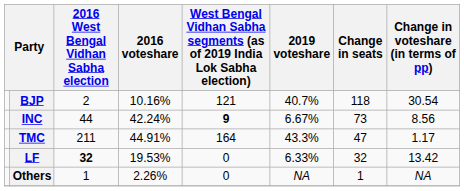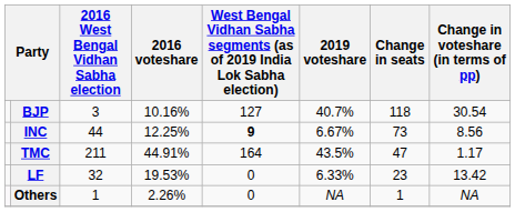 <table class="wikitable" style="text-align:center">
 <tr>
 <th colspan=2>Party</th>
 <th><a href='#'>2016 West Bengal Vidhan Sabha election</a></th>
 <th>2016 voteshare</th>
 <th><a href='#'>West Bengal Vidhan Sabha segments</a> (as of 2019 India Lok Sabha election)</th>
 <th>2019 voteshare</th>
 <th>Change in seats</th>
 <th>Change in voteshare (in terms of <a href='#'>pp</a>)</th>
 </tr>
 <tr>
 <td></td>
 <th><a href='#'>BJP</a></th>
-<td>2</td>
+<td>3</td>
 <td>10.16%</td>
-<td>121</td>
+<td>127</td>
 <td>40.7%</td>
 <td> 118</td>
 <td> 30.54</td>
 </tr>
 <tr>
 <td></td>
 <th><a href='#'>INC</a></th>
 <td>44</td>
-<td>42.24%</td>
+<td>12.25%</td>
 <td><strong>9</strong></td>
 <td>6.67%</td>
 <td> 73</td>
 <td> 8.56</td>
 </tr>
 <tr>
 <td></td>
 <th><a href='#'>TMC</a></th>
 <td>211</td>
 <td>44.91%</td>
 <td>164</td>
-<td>43.3%</td>
+<td>43.5%</td>
 <td> 47</td>
 <td> 1.17</td>
 </tr>
 <tr>
 <td></td>
 <th><a href='#'>LF</a></th>
-<td><strong>32</strong></td>
+<td>32</td>
 <td>19.53%</td>
 <td>0</td>
 <td>6.33%</td>
-<td> 32</td>
+<td> 23</td>
 <td> 13.42</td>
 </tr>
 <tr>
 <td bgcolor=#FAF8FA></td>
 <th>Others</th>
 <td>1</td>
 <td>2.26%</td>
 <td>0</td>
 <td><em>NA</em></td>
 <td> 1</td>
 <td><em>NA</em></td>
 </tr>
 <tr>
 </tr>
 </table>
